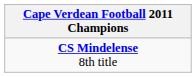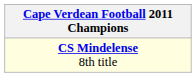 <table class="wikitable" style="margin: 0 auto; width: 240px;">
 <tr>
 <th><a href='#'>Cape Verdean Football</a> 2011<br>Champions</th>
 </tr>
 <tr>
-<td align=center><strong><a href='#'>CS Mindelense</a></strong><br>8th title</td>
+<td align=center style="background: lightyellow;"><strong><a href='#'>CS Mindelense</a></strong><br>8th title</td>
 </tr>
 </table>
